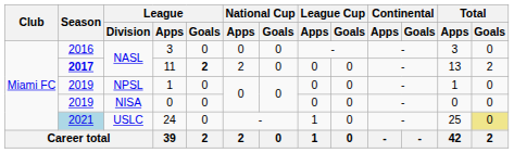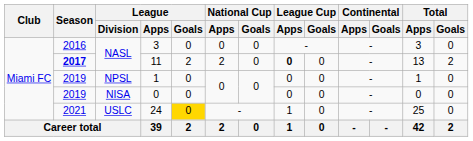 <table class="wikitable" style="text-align: center;">
 <tr>
 <th rowspan="2">Club</th>
 <th rowspan="2">Season</th>
 <th colspan="3">League</th>
 <th colspan="2">National Cup</th>
 <th colspan="2">League Cup</th>
 <th colspan="2">Continental</th>
 <th colspan="2">Total</th>
 </tr>
 <tr>
 <th>Division</th>
 <th>Apps</th>
 <th>Goals</th>
 <th>Apps</th>
 <th>Goals</th>
 <th>Apps</th>
 <th>Goals</th>
 <th>Apps</th>
 <th>Goals</th>
 <th>Apps</th>
 <th>Goals</th>
 </tr>
 <tr>
 <td rowspan="5" valign="center"><a href='#'>Miami FC</a></td>
 <td><a href='#'>2016</a></td>
 <td rowspan="2" valign="center"><a href='#'>NASL</a></td>
 <td>3</td>
 <td>0</td>
 <td>0</td>
 <td>0</td>
 <td colspan="2">-</td>
 <td colspan="2">-</td>
 <td>3</td>
 <td>0</td>
 </tr>
 <tr>
 <td><strong><a href='#'>2017</a></strong></td>
 <td>11</td>
-<td><strong>2</strong></td>
+<td>2</td>
 <td>2</td>
 <td>0</td>
-<td>0</td>
+<td><strong>0</strong></td>
 <td>0</td>
 <td colspan="2">-</td>
 <td>13</td>
 <td>2</td>
 </tr>
 <tr>
 <td><a href='#'>2019</a></td>
 <td><a href='#'>NPSL</a></td>
 <td>1</td>
 <td>0</td>
 <td rowspan="2">0</td>
 <td rowspan="2">0</td>
 <td>0</td>
 <td>0</td>
 <td colspan="2">-</td>
 <td>1</td>
 <td>0</td>
 </tr>
 <tr>
 <td><a href='#'>2019</a></td>
 <td><a href='#'>NISA</a></td>
 <td>0</td>
 <td>0</td>
 <td>0</td>
 <td>0</td>
 <td colspan="2">-</td>
 <td>0</td>
 <td>0</td>
 </tr>
 <tr>
-<td style="background: lightblue;"><a href='#'>2021</a></td>
+<td><a href='#'>2021</a></td>
 <td><a href='#'>USLC</a></td>
 <td>24</td>
-<td>0</td>
+<td style="background: gold;">0</td>
 <td colspan="2">-</td>
 <td>1</td>
 <td>0</td>
 <td colspan="2">-</td>
 <td>25</td>
-<td style="background: khaki;">0</td>
+<td>0</td>
 </tr>
 <tr>
 <th colspan="3">Career total</th>
 <th>39</th>
 <th>2</th>
 <th>2</th>
 <th>0</th>
 <th>1</th>
 <th>0</th>
 <th>-</th>
 <th>-</th>
 <th>42</th>
 <th>2</th>
 </tr>
 </table>
